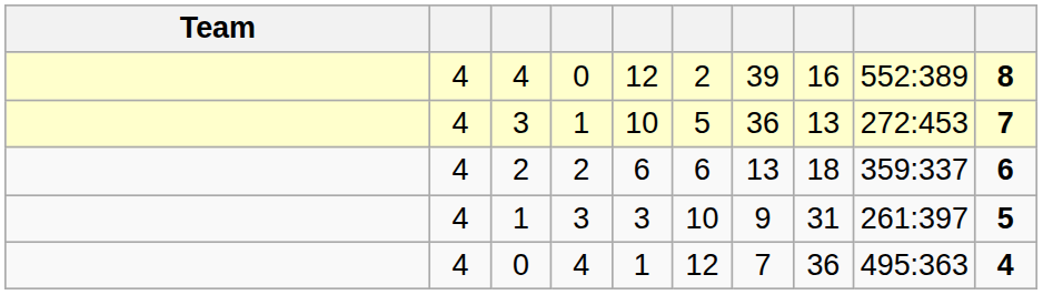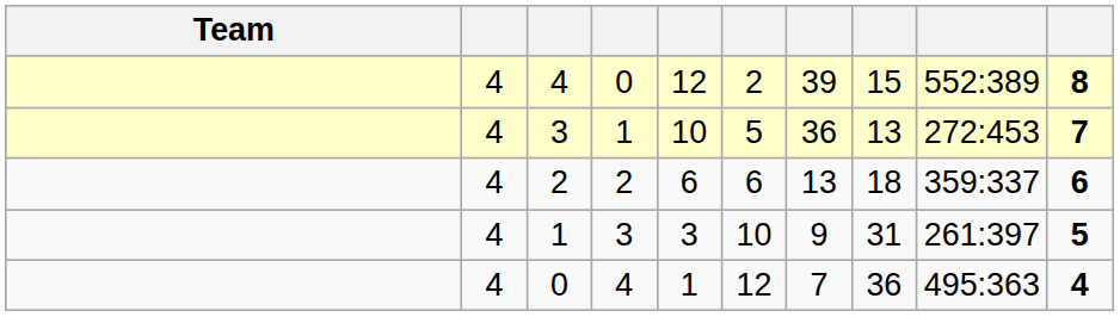 <table class="wikitable" style="text-align:center;">
 <tr>
 <th width=220>Team</th>
 <th width=25></th>
 <th width=25></th>
 <th width=25></th>
 <th width=25></th>
 <th width=25></th>
 <th width=25></th>
 <th width=25></th>
 <th width=25></th>
 <th width=25></th>
 </tr>
 <tr style="background:#ffffcc;">
 <td style="text-align:left;"></td>
 <td>4</td>
 <td>4</td>
 <td>0</td>
 <td>12</td>
 <td>2</td>
 <td>39</td>
-<td>16</td>
+<td>15</td>
 <td>552:389</td>
 <td><strong>8</strong></td>
 </tr>
 <tr style="background:#ffffcc;">
 <td style="text-align:left;"></td>
 <td>4</td>
 <td>3</td>
 <td>1</td>
 <td>10</td>
 <td>5</td>
 <td>36</td>
 <td>13</td>
 <td>272:453</td>
 <td><strong>7</strong></td>
 </tr>
 <tr>
 <td style="text-align:left;"></td>
 <td>4</td>
 <td>2</td>
 <td>2</td>
 <td>6</td>
 <td>6</td>
 <td>13</td>
 <td>18</td>
 <td>359:337</td>
 <td><strong>6</strong></td>
 </tr>
 <tr>
 <td style="text-align:left;"></td>
 <td>4</td>
 <td>1</td>
 <td>3</td>
 <td>3</td>
 <td>10</td>
 <td>9</td>
 <td>31</td>
 <td>261:397</td>
 <td><strong>5</strong></td>
 </tr>
 <tr>
 <td style="text-align:left;"></td>
 <td>4</td>
 <td>0</td>
 <td>4</td>
 <td>1</td>
 <td>12</td>
 <td>7</td>
 <td>36</td>
 <td>495:363</td>
 <td><strong>4</strong></td>
 </tr>
 </table>
